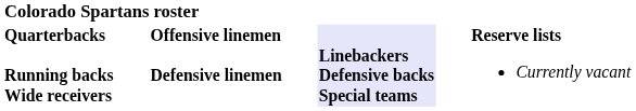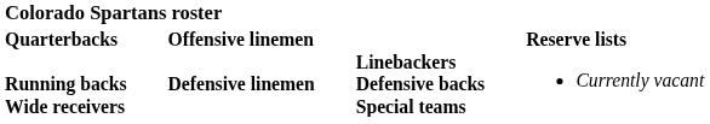 <table class="toccolours" style="text-align: left;" id="Roster">
 <tr>
 <th colspan="7">Colorado Spartans roster</th>
 </tr>
 <tr>
 <td style="font-size: 95%;vertical-align:top;"><strong>Quarterbacks</strong><br>  <br><strong>Running backs</strong> <br><strong>Wide receivers</strong>   </td>
 <td style="width: 25px;"></td>
 <td style="font-size: 95%;vertical-align:top;"><strong>Offensive linemen</strong><br>   <br><strong>Defensive linemen</strong>    </td>
 <td style="width: 25px;"></td>
-<td style="background: lavender; font-size: 95%;vertical-align:top;"><br><strong>Linebackers</strong>  <br><strong>Defensive backs</strong>     <br><strong>Special teams</strong> </td>
+<td style="font-size: 95%;vertical-align:top;"><br><strong>Linebackers</strong>  <br><strong>Defensive backs</strong>     <br><strong>Special teams</strong> </td>
 <td style="width: 25px;"></td>
 <td style="font-size: 95%;vertical-align:top;"><strong>Reserve lists</strong><br> <ul><li><em>Currently vacant</em></li></ul></td>
 </tr>
 <tr>
 </tr>
 </table>
